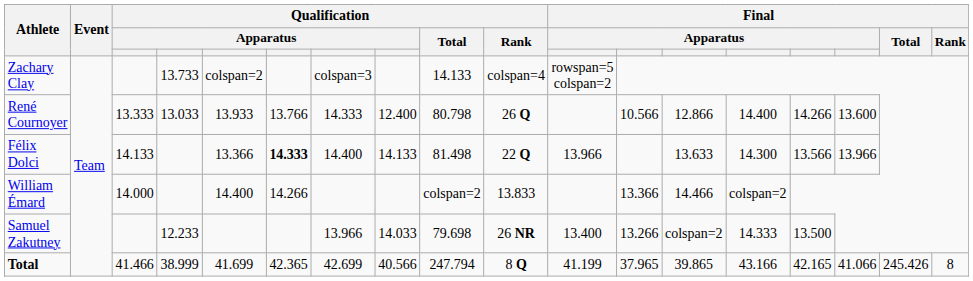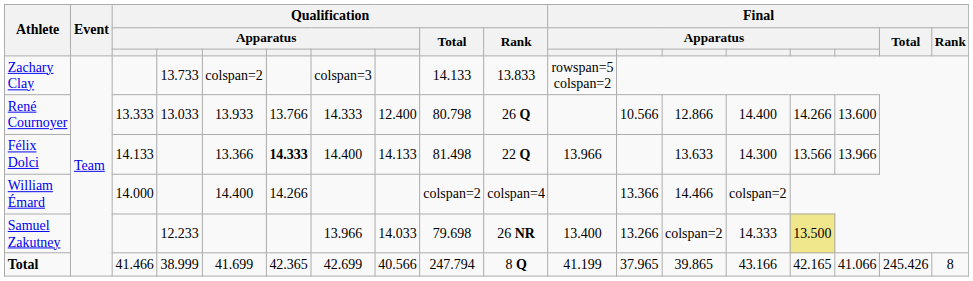 <table class=wikitable style="font-size:90%">
 <tr>
 <th rowspan=3>Athlete</th>
 <th rowspan=3>Event</th>
 <th colspan =8>Qualification</th>
 <th colspan =8>Final</th>
 </tr>
 <tr style="font-size:95%">
 <th colspan=6>Apparatus</th>
 <th rowspan=2>Total</th>
 <th rowspan=2>Rank</th>
 <th colspan=6>Apparatus</th>
 <th rowspan=2>Total</th>
 <th rowspan=2>Rank</th>
 </tr>
 <tr style="font-size:95%">
 <th></th>
 <th></th>
 <th></th>
 <th></th>
 <th></th>
 <th></th>
 <th></th>
 <th></th>
 <th></th>
 <th></th>
 <th></th>
 <th></th>
 </tr>
 <tr align=center>
 <td align=left><a href='#'>Zachary Clay</a></td>
 <td align=left rowspan=6><a href='#'>Team</a></td>
 <td></td>
 <td>13.733</td>
 <td>colspan=2 </td>
 <td></td>
 <td>colspan=3 </td>
 <td></td>
 <td>14.133</td>
-<td>colspan=4 </td>
+<td>13.833</td>
 <td>rowspan=5 colspan=2 </td>
 </tr>
 <tr align=center>
 <td align=left><a href='#'>René Cournoyer</a></td>
 <td>13.333</td>
 <td>13.033</td>
 <td>13.933</td>
 <td>13.766</td>
 <td>14.333</td>
 <td>12.400</td>
 <td>80.798</td>
 <td>26 <strong>Q</strong></td>
 <td></td>
 <td>10.566</td>
 <td>12.866</td>
 <td>14.400</td>
 <td>14.266</td>
 <td>13.600</td>
 </tr>
 <tr align=center>
 <td align=left><a href='#'>Félix Dolci</a></td>
 <td>14.133</td>
 <td></td>
 <td>13.366</td>
 <td><strong>14.333</strong></td>
 <td>14.400</td>
 <td>14.133</td>
 <td>81.498</td>
 <td>22 <strong>Q</strong></td>
 <td>13.966</td>
 <td></td>
 <td>13.633</td>
 <td>14.300</td>
 <td>13.566</td>
 <td>13.966</td>
 </tr>
 <tr align=center>
 <td align=left><a href='#'>William Émard</a></td>
 <td>14.000</td>
 <td></td>
 <td>14.400</td>
 <td>14.266</td>
 <td></td>
 <td></td>
 <td>colspan=2 </td>
-<td>13.833</td>
+<td>colspan=4 </td>
 <td></td>
 <td>13.366</td>
 <td>14.466</td>
 <td>colspan=2 </td>
 </tr>
 <tr align=center>
 <td align=left><a href='#'>Samuel Zakutney</a></td>
 <td></td>
 <td>12.233</td>
 <td></td>
 <td></td>
 <td>13.966</td>
 <td>14.033</td>
 <td>79.698</td>
 <td>26 <strong>NR</strong></td>
 <td>13.400</td>
 <td>13.266</td>
 <td>colspan=2 </td>
 <td>14.333</td>
-<td>13.500</td>
+<td style="background: khaki;">13.500</td>
 </tr>
 <tr align=center>
 <td align=left><strong>Total</strong></td>
 <td>41.466</td>
 <td>38.999</td>
 <td>41.699</td>
 <td>42.365</td>
 <td>42.699</td>
 <td>40.566</td>
 <td>247.794</td>
 <td>8 <strong>Q</strong></td>
 <td>41.199</td>
 <td>37.965</td>
 <td>39.865</td>
 <td>43.166</td>
 <td>42.165</td>
 <td>41.066</td>
 <td>245.426</td>
 <td>8</td>
 </tr>
 </table>
